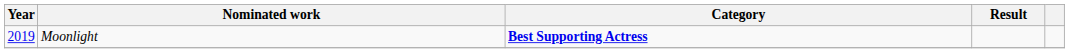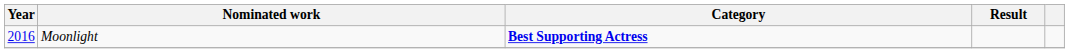 <table class="wikitable">
 <tr>
 <th scope="col" style="width:1em;">Year</th>
 <th scope="col" style="width:35em;">Nominated work</th>
 <th scope="col" style="width:35em;">Category</th>
 <th scope="col" style="width:5em;">Result</th>
 <th scope="col" style="width:1em;"></th>
 </tr>
 <tr>
-<td><a href='#'>2019</a></td>
+<td><a href='#'>2016</a></td>
 <td><em>Moonlight</em></td>
 <td><strong><a href='#'>Best Supporting Actress</a></strong></td>
 <td></td>
 <td></td>
 </tr>
 <tr>
 </tr>
 </table>
